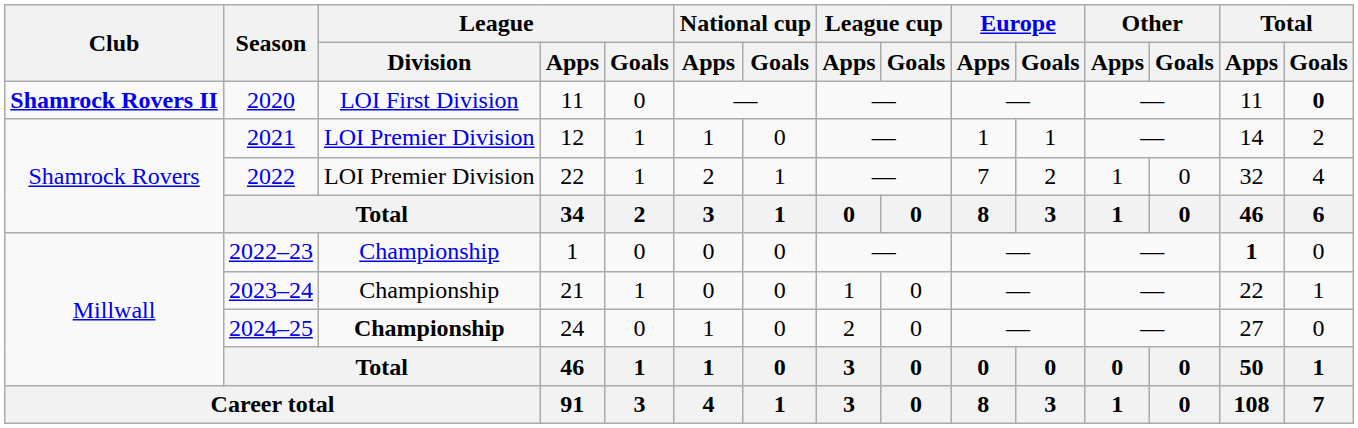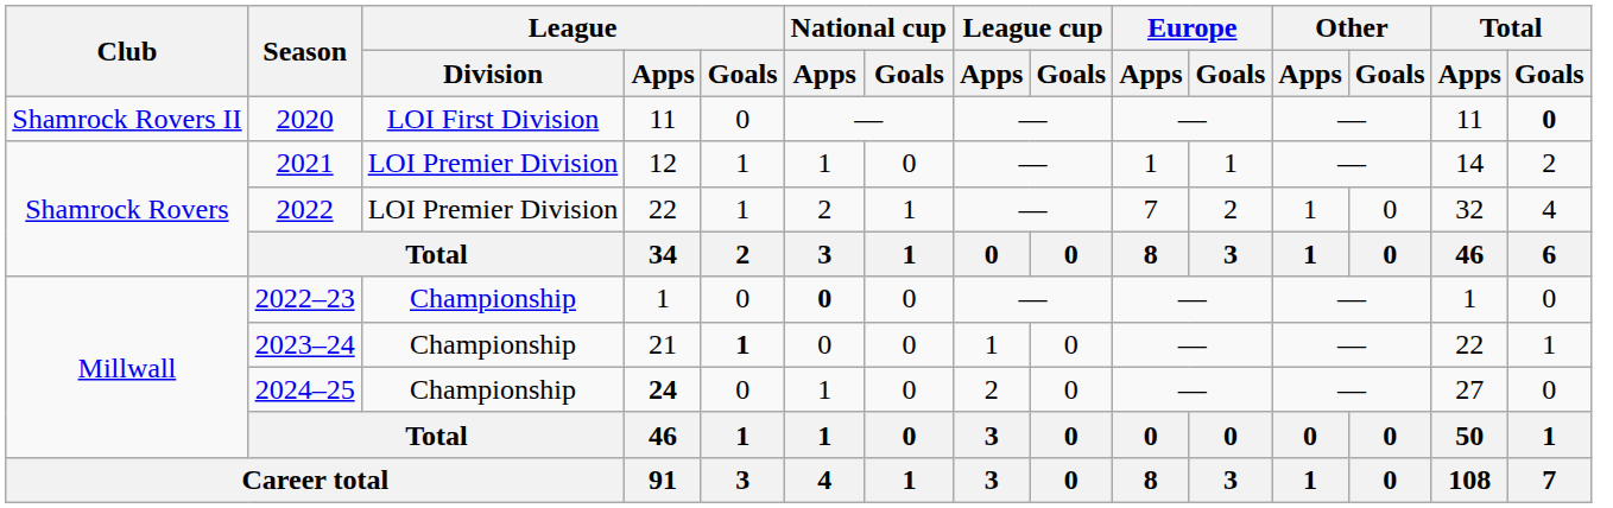 <table class=wikitable style=text-align:center>
 <tr>
 <th rowspan=2>Club</th>
 <th rowspan=2>Season</th>
 <th colspan=3>League</th>
 <th colspan=2>National cup</th>
 <th colspan=2>League cup</th>
 <th colspan=2><a href='#'>Europe</a></th>
 <th colspan=2>Other</th>
 <th colspan=2>Total</th>
 </tr>
 <tr>
 <th>Division</th>
 <th>Apps</th>
 <th>Goals</th>
 <th>Apps</th>
 <th>Goals</th>
 <th>Apps</th>
 <th>Goals</th>
 <th>Apps</th>
 <th>Goals</th>
 <th>Apps</th>
 <th>Goals</th>
 <th>Apps</th>
 <th>Goals</th>
 </tr>
 <tr>
-<td><strong><a href='#'>Shamrock Rovers II</a></strong></td>
+<td><a href='#'>Shamrock Rovers II</a></td>
 <td><a href='#'>2020</a></td>
 <td><a href='#'>LOI First Division</a></td>
 <td>11</td>
 <td>0</td>
 <td colspan=2>—</td>
 <td colspan=2>—</td>
 <td colspan=2>—</td>
 <td colspan=2>—</td>
 <td>11</td>
 <td><strong>0</strong></td>
 </tr>
 <tr>
 <td rowspan="3"><a href='#'>Shamrock Rovers</a></td>
 <td><a href='#'>2021</a></td>
 <td><a href='#'>LOI Premier Division</a></td>
 <td>12</td>
 <td>1</td>
 <td>1</td>
 <td>0</td>
 <td colspan=2>—</td>
 <td>1</td>
 <td>1</td>
 <td colspan=2>—</td>
 <td>14</td>
 <td>2</td>
 </tr>
 <tr>
 <td><a href='#'>2022</a></td>
 <td>LOI Premier Division</td>
 <td>22</td>
 <td>1</td>
 <td>2</td>
 <td>1</td>
 <td colspan=2>—</td>
 <td>7</td>
 <td>2</td>
 <td>1</td>
 <td>0</td>
 <td>32</td>
 <td>4</td>
 </tr>
 <tr>
 <th colspan=2>Total</th>
 <th>34</th>
 <th>2</th>
 <th>3</th>
 <th>1</th>
 <th>0</th>
 <th>0</th>
 <th>8</th>
 <th>3</th>
 <th>1</th>
 <th>0</th>
 <th>46</th>
 <th>6</th>
 </tr>
 <tr>
 <td rowspan="4"><a href='#'>Millwall</a></td>
 <td><a href='#'>2022–23</a></td>
 <td><a href='#'>Championship</a></td>
 <td>1</td>
 <td>0</td>
-<td>0</td>
+<td><strong>0</strong></td>
 <td>0</td>
 <td colspan="2">—</td>
 <td colspan="2">—</td>
 <td colspan=2>—</td>
-<td><strong>1</strong></td>
+<td>1</td>
 <td>0</td>
 </tr>
 <tr>
 <td><a href='#'>2023–24</a></td>
 <td>Championship</td>
 <td>21</td>
-<td>1</td>
+<td><strong>1</strong></td>
 <td>0</td>
 <td>0</td>
 <td>1</td>
 <td>0</td>
 <td colspan="2">—</td>
 <td colspan=2>—</td>
 <td>22</td>
 <td>1</td>
 </tr>
 <tr>
 <td><a href='#'>2024–25</a></td>
-<td><strong>Championship</strong></td>
-<td>24</td>
+<td>Championship</td>
+<td><strong>24</strong></td>
 <td>0</td>
 <td>1</td>
 <td>0</td>
 <td>2</td>
 <td>0</td>
 <td colspan="2">—</td>
 <td colspan=2>—</td>
 <td>27</td>
 <td>0</td>
 </tr>
 <tr>
 <th colspan=2>Total</th>
 <th>46</th>
 <th>1</th>
 <th>1</th>
 <th>0</th>
 <th>3</th>
 <th>0</th>
 <th>0</th>
 <th>0</th>
 <th>0</th>
 <th>0</th>
 <th>50</th>
 <th>1</th>
 </tr>
 <tr>
 <th colspan=3>Career total</th>
 <th>91</th>
 <th>3</th>
 <th>4</th>
 <th>1</th>
 <th>3</th>
 <th>0</th>
 <th>8</th>
 <th>3</th>
 <th>1</th>
 <th>0</th>
 <th>108</th>
 <th>7</th>
 </tr>
 </table>
